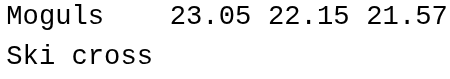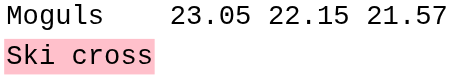 <table>
 <tr>
 <td>Moguls<br></td>
 <td></td>
 <td>23.05</td>
 <td></td>
 <td>22.15</td>
 <td></td>
 <td>21.57</td>
 </tr>
 <tr>
-<td>Ski cross<br></td>
+<td style="background: pink;">Ski cross<br></td>
 <td colspan=2></td>
 <td colspan=2></td>
 <td colspan=2></td>
 </tr>
 </table>
